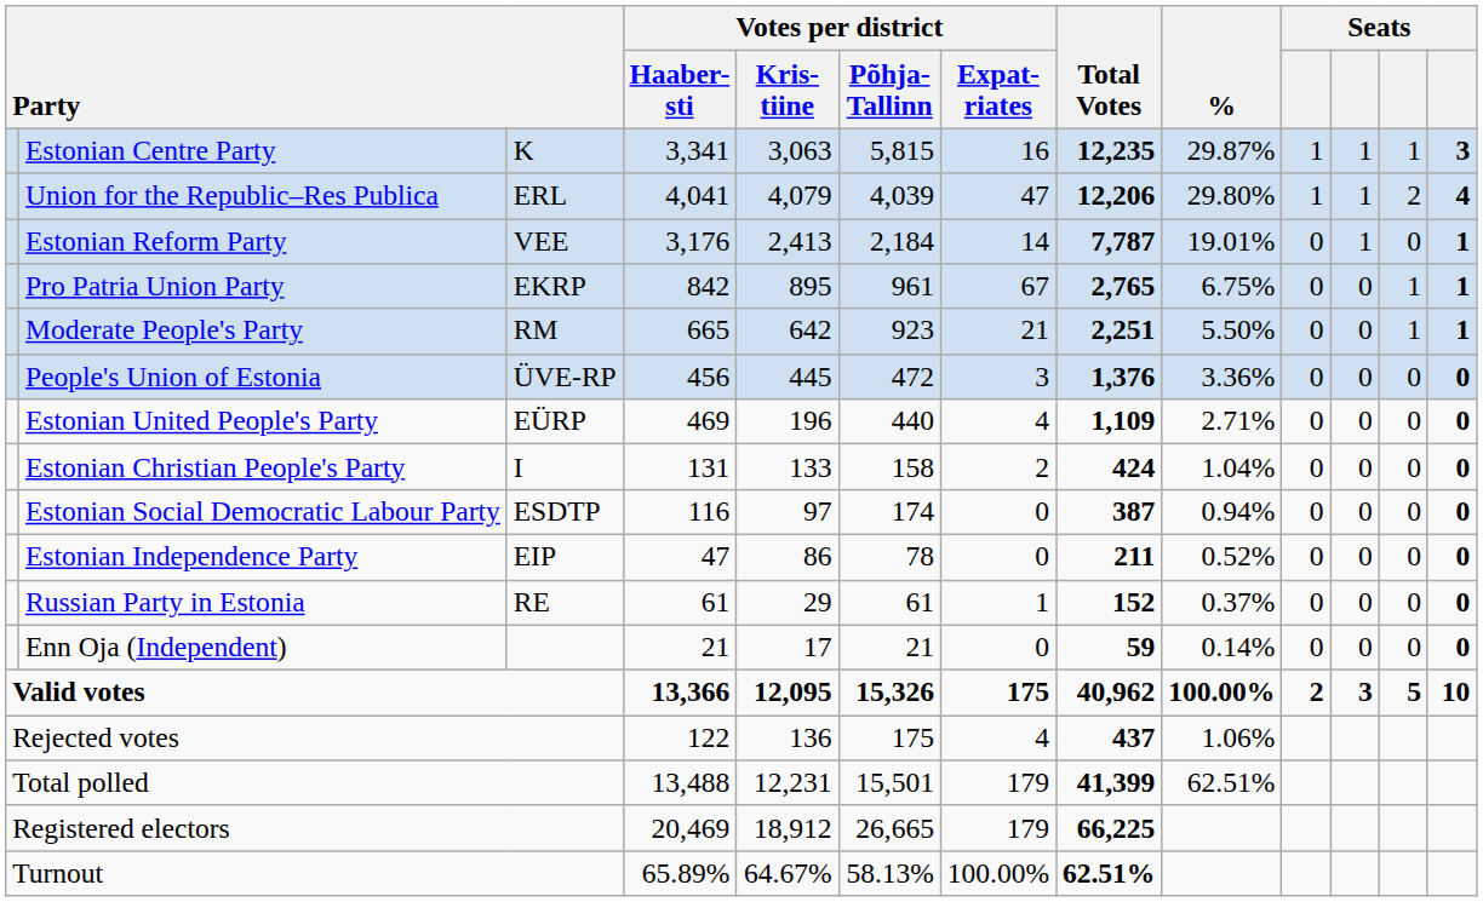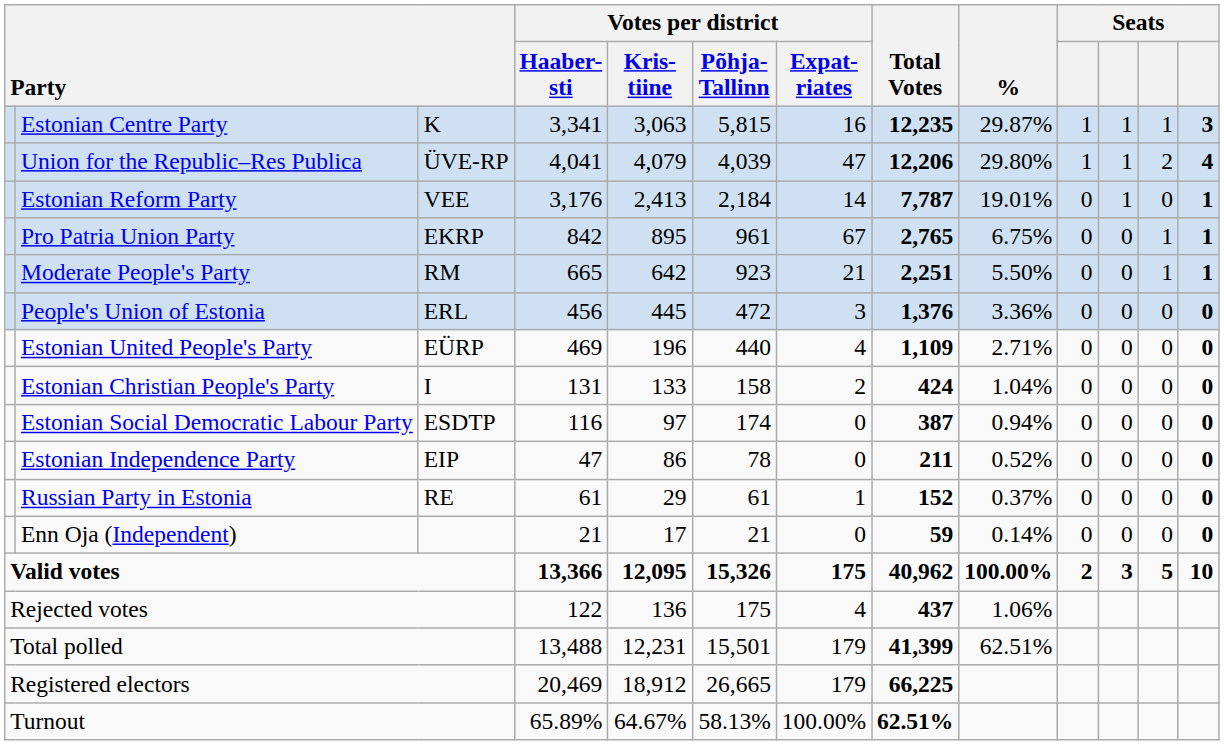 <table class="wikitable" border="1" style="text-align:right;">
 <tr>
 <th style="text-align:left;" valign=bottom rowspan=2 colspan=3>Party</th>
 <th colspan=4>Votes per district</th>
 <th align=center valign=bottom rowspan=2 width="50">Total Votes</th>
 <th align=center valign=bottom rowspan=2 width="50">%</th>
 <th colspan=4>Seats</th>
 </tr>
 <tr>
 <th align=center valign=bottom width="50"><a href='#'>Haaber- sti</a></th>
 <th align=center valign=bottom width="50"><a href='#'>Kris- tiine</a></th>
 <th align=center valign=bottom width="50"><a href='#'>Põhja- Tallinn</a></th>
 <th align=center valign=bottom width="50"><a href='#'>Expat- riates</a></th>
 <th align=center valign=bottom width="20"><small></small></th>
 <th align=center valign=bottom width="20"><small></small></th>
 <th align=center valign=bottom width="20"><small></small></th>
 <th align=center valign=bottom width="20"><small></small></th>
 </tr>
 <tr style="background:#CEE0F2;">
 <td style="background:"></td>
 <td align=left><a href='#'>Estonian Centre Party</a></td>
 <td align=left>K</td>
 <td>3,341</td>
 <td>3,063</td>
 <td>5,815</td>
 <td>16</td>
 <td><strong>12,235</strong></td>
 <td>29.87%</td>
 <td>1</td>
 <td>1</td>
 <td>1</td>
 <td><strong>3</strong></td>
 </tr>
 <tr style="background:#CEE0F2;">
 <td style="background:"></td>
 <td align=left><a href='#'>Union for the Republic–Res Publica</a></td>
-<td align=left>ERL</td>
+<td align=left>ÜVE-RP</td>
 <td>4,041</td>
 <td>4,079</td>
 <td>4,039</td>
 <td>47</td>
 <td><strong>12,206</strong></td>
 <td>29.80%</td>
 <td>1</td>
 <td>1</td>
 <td>2</td>
 <td><strong>4</strong></td>
 </tr>
 <tr style="background:#CEE0F2;">
 <td style="background:"></td>
 <td align=left><a href='#'>Estonian Reform Party</a></td>
 <td align=left>VEE</td>
 <td>3,176</td>
 <td>2,413</td>
 <td>2,184</td>
 <td>14</td>
 <td><strong>7,787</strong></td>
 <td>19.01%</td>
 <td>0</td>
 <td>1</td>
 <td>0</td>
 <td><strong>1</strong></td>
 </tr>
 <tr style="background:#CEE0F2;">
 <td style="background:"></td>
 <td align=left><a href='#'>Pro Patria Union Party</a></td>
 <td align=left>EKRP</td>
 <td>842</td>
 <td>895</td>
 <td>961</td>
 <td>67</td>
 <td><strong>2,765</strong></td>
 <td>6.75%</td>
 <td>0</td>
 <td>0</td>
 <td>1</td>
 <td><strong>1</strong></td>
 </tr>
 <tr style="background:#CEE0F2;">
 <td style="background:"></td>
 <td align=left><a href='#'>Moderate People's Party</a></td>
 <td align=left>RM</td>
 <td>665</td>
 <td>642</td>
 <td>923</td>
 <td>21</td>
 <td><strong>2,251</strong></td>
 <td>5.50%</td>
 <td>0</td>
 <td>0</td>
 <td>1</td>
 <td><strong>1</strong></td>
 </tr>
 <tr style="background:#CEE0F2;">
 <td style="background:"></td>
 <td align=left><a href='#'>People's Union of Estonia</a></td>
-<td align=left>ÜVE-RP</td>
+<td align=left>ERL</td>
 <td>456</td>
 <td>445</td>
 <td>472</td>
 <td>3</td>
 <td><strong>1,376</strong></td>
 <td>3.36%</td>
 <td>0</td>
 <td>0</td>
 <td>0</td>
 <td><strong>0</strong></td>
 </tr>
 <tr>
 <td style="background:"></td>
 <td align=left><a href='#'>Estonian United People's Party</a></td>
 <td align=left>EÜRP</td>
 <td>469</td>
 <td>196</td>
 <td>440</td>
 <td>4</td>
 <td><strong>1,109</strong></td>
 <td>2.71%</td>
 <td>0</td>
 <td>0</td>
 <td>0</td>
 <td><strong>0</strong></td>
 </tr>
 <tr>
 <td style="background:"></td>
 <td align=left><a href='#'>Estonian Christian People's Party</a></td>
 <td align=left>I</td>
 <td>131</td>
 <td>133</td>
 <td>158</td>
 <td>2</td>
 <td><strong>424</strong></td>
 <td>1.04%</td>
 <td>0</td>
 <td>0</td>
 <td>0</td>
 <td><strong>0</strong></td>
 </tr>
 <tr>
 <td style="background:"></td>
 <td align=left><a href='#'>Estonian Social Democratic Labour Party</a></td>
 <td align=left>ESDTP</td>
 <td>116</td>
 <td>97</td>
 <td>174</td>
 <td>0</td>
 <td><strong>387</strong></td>
 <td>0.94%</td>
 <td>0</td>
 <td>0</td>
 <td>0</td>
 <td><strong>0</strong></td>
 </tr>
 <tr>
 <td style="background:"></td>
 <td align=left><a href='#'>Estonian Independence Party</a></td>
 <td align=left>EIP</td>
 <td>47</td>
 <td>86</td>
 <td>78</td>
 <td>0</td>
 <td><strong>211</strong></td>
 <td>0.52%</td>
 <td>0</td>
 <td>0</td>
 <td>0</td>
 <td><strong>0</strong></td>
 </tr>
 <tr>
 <td></td>
 <td align=left><a href='#'>Russian Party in Estonia</a></td>
 <td align=left>RE</td>
 <td>61</td>
 <td>29</td>
 <td>61</td>
 <td>1</td>
 <td><strong>152</strong></td>
 <td>0.37%</td>
 <td>0</td>
 <td>0</td>
 <td>0</td>
 <td><strong>0</strong></td>
 </tr>
 <tr>
 <td style="background:"></td>
 <td align=left>Enn Oja (<a href='#'>Independent</a>)</td>
 <td></td>
 <td>21</td>
 <td>17</td>
 <td>21</td>
 <td>0</td>
 <td><strong>59</strong></td>
 <td>0.14%</td>
 <td>0</td>
 <td>0</td>
 <td>0</td>
 <td><strong>0</strong></td>
 </tr>
 <tr style="font-weight:bold">
 <td align=left colspan=3>Valid votes</td>
 <td>13,366</td>
 <td>12,095</td>
 <td>15,326</td>
 <td>175</td>
 <td>40,962</td>
 <td>100.00%</td>
 <td>2</td>
 <td>3</td>
 <td>5</td>
 <td>10</td>
 </tr>
 <tr>
 <td align=left colspan=3>Rejected votes</td>
 <td>122</td>
 <td>136</td>
 <td>175</td>
 <td>4</td>
 <td><strong>437</strong></td>
 <td>1.06%</td>
 <td></td>
 <td></td>
 <td></td>
 <td></td>
 </tr>
 <tr>
 <td align=left colspan=3>Total polled</td>
 <td>13,488</td>
 <td>12,231</td>
 <td>15,501</td>
 <td>179</td>
 <td><strong>41,399</strong></td>
 <td>62.51%</td>
 <td></td>
 <td></td>
 <td></td>
 <td></td>
 </tr>
 <tr>
 <td align=left colspan=3>Registered electors</td>
 <td>20,469</td>
 <td>18,912</td>
 <td>26,665</td>
 <td>179</td>
 <td><strong>66,225</strong></td>
 <td></td>
 <td></td>
 <td></td>
 <td></td>
 <td></td>
 </tr>
 <tr>
 <td align=left colspan=3>Turnout</td>
 <td>65.89%</td>
 <td>64.67%</td>
 <td>58.13%</td>
 <td>100.00%</td>
 <td><strong>62.51%</strong></td>
 <td></td>
 <td></td>
 <td></td>
 <td></td>
 <td></td>
 </tr>
 </table>
